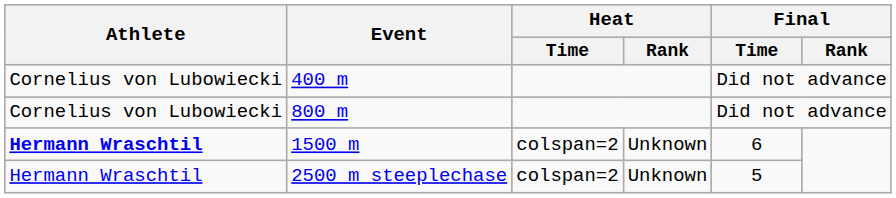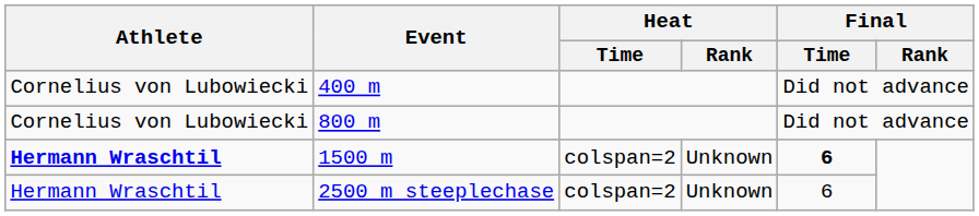 <table class=wikitable style=font-size:90%;text-align:center>
 <tr>
 <th rowspan=2>Athlete</th>
 <th rowspan=2>Event</th>
 <th colspan=2>Heat</th>
 <th colspan=2>Final</th>
 </tr>
 <tr style=font-size:95%>
 <th>Time</th>
 <th>Rank</th>
 <th>Time</th>
 <th>Rank</th>
 </tr>
 <tr>
 <td align=left>Cornelius von Lubowiecki</td>
 <td align=left><a href='#'>400 m</a></td>
 <td colspan=2></td>
 <td colspan=2>Did not advance</td>
 </tr>
 <tr>
 <td align=left>Cornelius von Lubowiecki</td>
 <td align=left><a href='#'>800 m</a></td>
 <td colspan=2></td>
 <td colspan=2>Did not advance</td>
 </tr>
 <tr>
 <td align=left><strong><a href='#'>Hermann Wraschtil</a></strong></td>
 <td align=left><a href='#'>1500 m</a></td>
 <td>colspan=2 </td>
 <td>Unknown</td>
-<td>6</td>
+<td><strong>6</strong></td>
 </tr>
 <tr>
 <td align=left><a href='#'>Hermann Wraschtil</a></td>
 <td align=left><a href='#'>2500 m steeplechase</a></td>
 <td>colspan=2 </td>
 <td>Unknown</td>
-<td>5</td>
+<td>6</td>
 </tr>
 </table>
